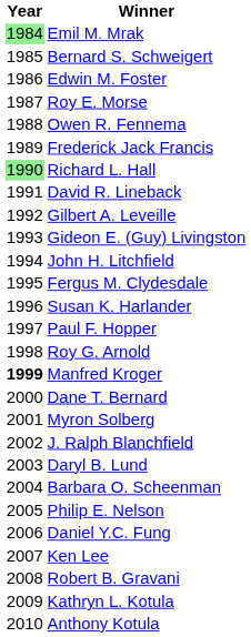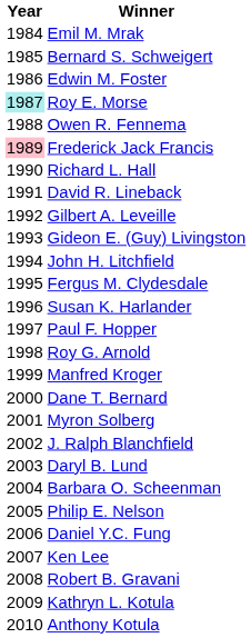 <table>
 <tr>
 <th>Year</th>
 <th>Winner</th>
 </tr>
 <tr>
-<td style="background: lightgreen;">1984</td>
+<td>1984</td>
 <td><a href='#'>Emil M. Mrak</a></td>
 </tr>
 <tr>
 <td>1985</td>
 <td><a href='#'>Bernard S. Schweigert</a></td>
 </tr>
 <tr>
 <td>1986</td>
 <td><a href='#'>Edwin M. Foster</a></td>
 </tr>
 <tr>
-<td>1987</td>
+<td style="background: paleturquoise;">1987</td>
 <td><a href='#'>Roy E. Morse</a></td>
 </tr>
 <tr>
 <td>1988</td>
 <td><a href='#'>Owen R. Fennema</a></td>
 </tr>
 <tr>
-<td>1989</td>
+<td style="background: pink;">1989</td>
 <td><a href='#'>Frederick Jack Francis</a></td>
 </tr>
 <tr>
-<td style="background: lightgreen;">1990</td>
+<td>1990</td>
 <td><a href='#'>Richard L. Hall</a></td>
 </tr>
 <tr>
 <td>1991</td>
 <td><a href='#'>David R. Lineback</a></td>
 </tr>
 <tr>
 <td>1992</td>
 <td><a href='#'>Gilbert A. Leveille</a></td>
 </tr>
 <tr>
 <td>1993</td>
 <td><a href='#'>Gideon E. (Guy) Livingston</a></td>
 </tr>
 <tr>
 <td>1994</td>
 <td><a href='#'>John H. Litchfield</a></td>
 </tr>
 <tr>
 <td>1995</td>
 <td><a href='#'>Fergus M. Clydesdale</a></td>
 </tr>
 <tr>
 <td>1996</td>
 <td><a href='#'>Susan K. Harlander</a></td>
 </tr>
 <tr>
 <td>1997</td>
 <td><a href='#'>Paul F. Hopper</a></td>
 </tr>
 <tr>
 <td>1998</td>
 <td><a href='#'>Roy G. Arnold</a></td>
 </tr>
 <tr>
-<td><strong>1999</strong></td>
+<td>1999</td>
 <td><a href='#'>Manfred Kroger</a></td>
 </tr>
 <tr>
 <td>2000</td>
 <td><a href='#'>Dane T. Bernard</a></td>
 </tr>
 <tr>
 <td>2001</td>
 <td><a href='#'>Myron Solberg</a></td>
 </tr>
 <tr>
 <td>2002</td>
 <td><a href='#'>J. Ralph Blanchfield</a></td>
 </tr>
 <tr>
 <td>2003</td>
 <td><a href='#'>Daryl B. Lund</a></td>
 </tr>
 <tr>
 <td>2004</td>
 <td><a href='#'>Barbara O. Scheenman</a></td>
 </tr>
 <tr>
 <td>2005</td>
 <td><a href='#'>Philip E. Nelson</a></td>
 </tr>
 <tr>
 <td>2006</td>
 <td><a href='#'>Daniel Y.C. Fung</a></td>
 </tr>
 <tr>
 <td>2007</td>
 <td><a href='#'>Ken Lee</a></td>
 </tr>
 <tr>
 <td>2008</td>
 <td><a href='#'>Robert B. Gravani</a></td>
 </tr>
 <tr>
 <td>2009</td>
 <td><a href='#'>Kathryn L. Kotula</a></td>
 </tr>
 <tr>
 <td>2010</td>
 <td><a href='#'>Anthony Kotula</a></td>
 </tr>
 </table>
